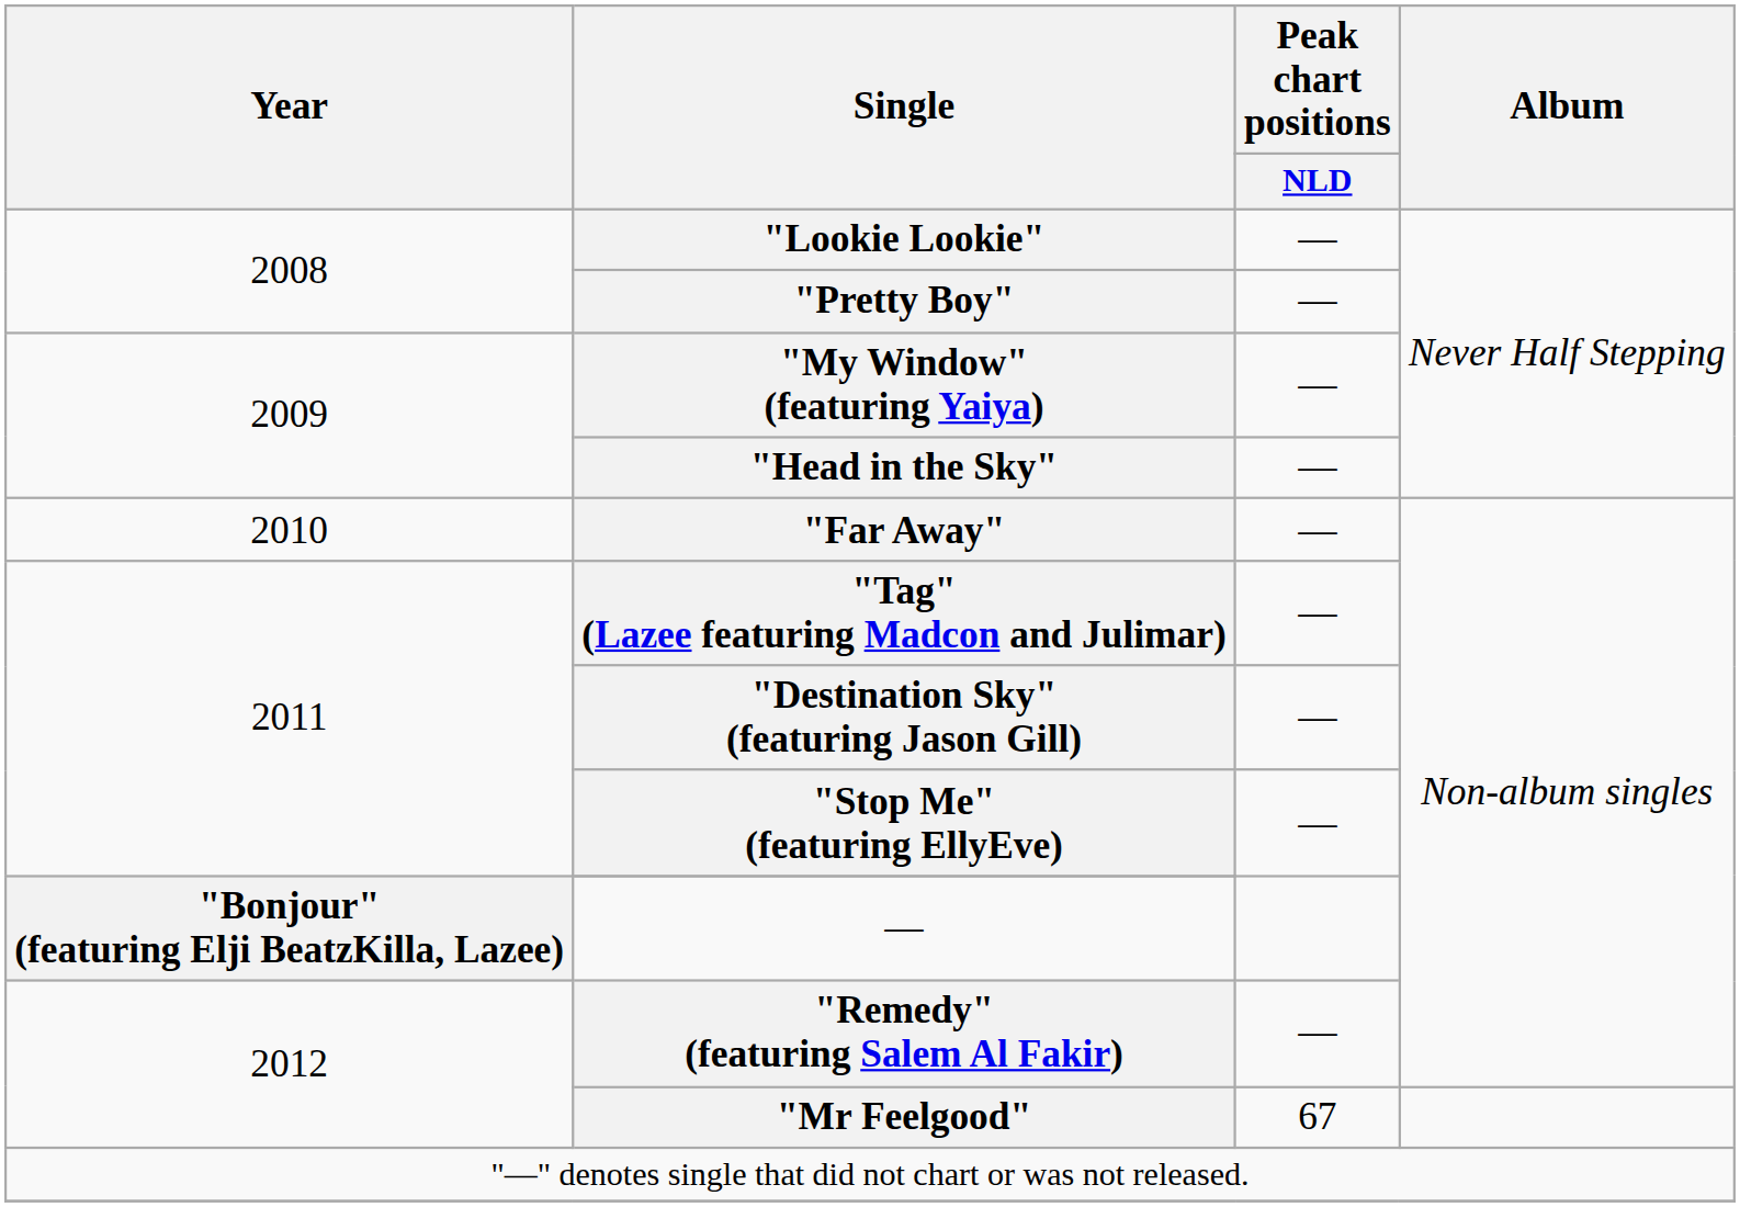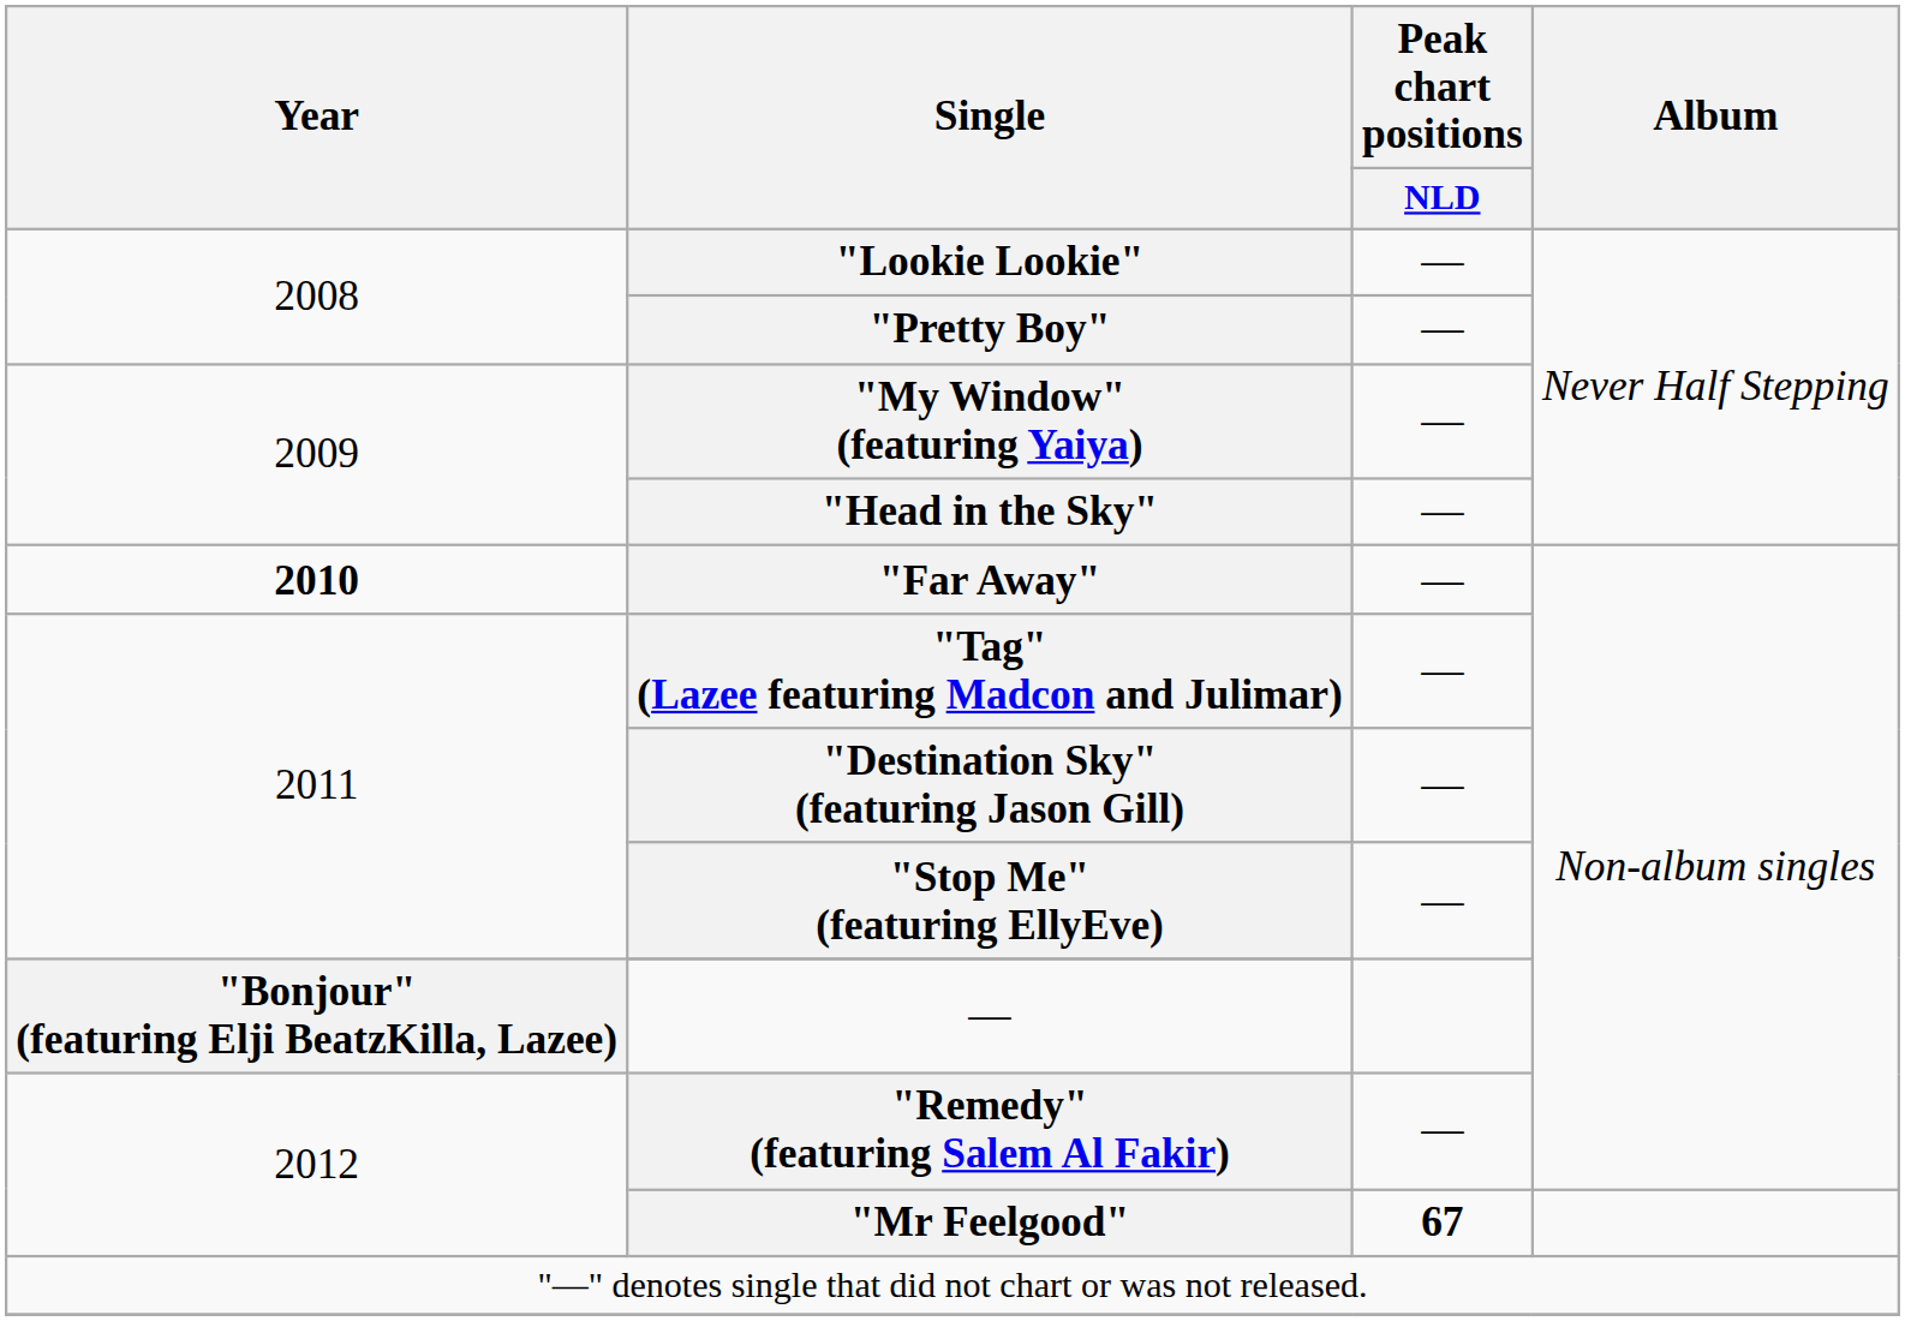 <table class="wikitable plainrowheaders" style="text-align:center;">
 <tr>
 <th scope="col" rowspan="2">Year</th>
 <th scope="col" rowspan="2">Single</th>
 <th scope="col" colspan="1">Peak chart positions</th>
 <th scope="col" rowspan="2">Album</th>
 </tr>
 <tr>
 <th scope="col" style="width:3em;font-size:85%;"><a href='#'>NLD</a><br></th>
 </tr>
 <tr>
 <td rowspan="2">2008</td>
 <th scope="row">"Lookie Lookie"</th>
 <td>—</td>
 <td rowspan="4"><em>Never Half Stepping</em></td>
 </tr>
 <tr>
 <th scope="row">"Pretty Boy"</th>
 <td>—</td>
 </tr>
 <tr>
 <td rowspan="2">2009</td>
 <th scope="row">"My Window"<br><span>(featuring <a href='#'>Yaiya</a>)</span></th>
 <td>—</td>
 </tr>
 <tr>
 <th scope="row">"Head in the Sky"</th>
 <td>—</td>
 </tr>
 <tr>
-<td>2010</td>
+<td><strong>2010</strong></td>
 <th scope="row">"Far Away"</th>
 <td>—</td>
 <td rowspan="7"><em>Non-album singles</em></td>
 </tr>
 <tr>
 <td rowspan="4">2011</td>
 <th scope="row">"Tag"<br><span>(<a href='#'>Lazee</a> featuring <a href='#'>Madcon</a> and Julimar)</span></th>
 <td>—</td>
 </tr>
 <tr>
 <th scope="row">"Destination Sky"<br><span>(featuring Jason Gill)</span></th>
 <td>—</td>
 </tr>
 <tr>
 <th scope="row">"Stop Me"<br><span>(featuring EllyEve)</span></th>
 <td>—</td>
 </tr>
 <tr>
 </tr>
 <tr>
 <th scope="row">"Bonjour"<br><span>(featuring Elji BeatzKilla, Lazee)</span></th>
 <td>—</td>
 </tr>
 <tr>
 <td rowspan="2">2012</td>
 <th scope="row">"Remedy"<br><span>(featuring <a href='#'>Salem Al Fakir</a>)</span></th>
 <td>—</td>
 </tr>
 <tr>
 <th scope="row">"Mr Feelgood"</th>
-<td>67</td>
+<td><strong>67</strong></td>
 </tr>
 <tr>
 <td colspan="16" style="text-align:center; font-size:85%;">"—" denotes single that did not chart or was not released.</td>
 </tr>
 <tr>
 </tr>
 </table>
